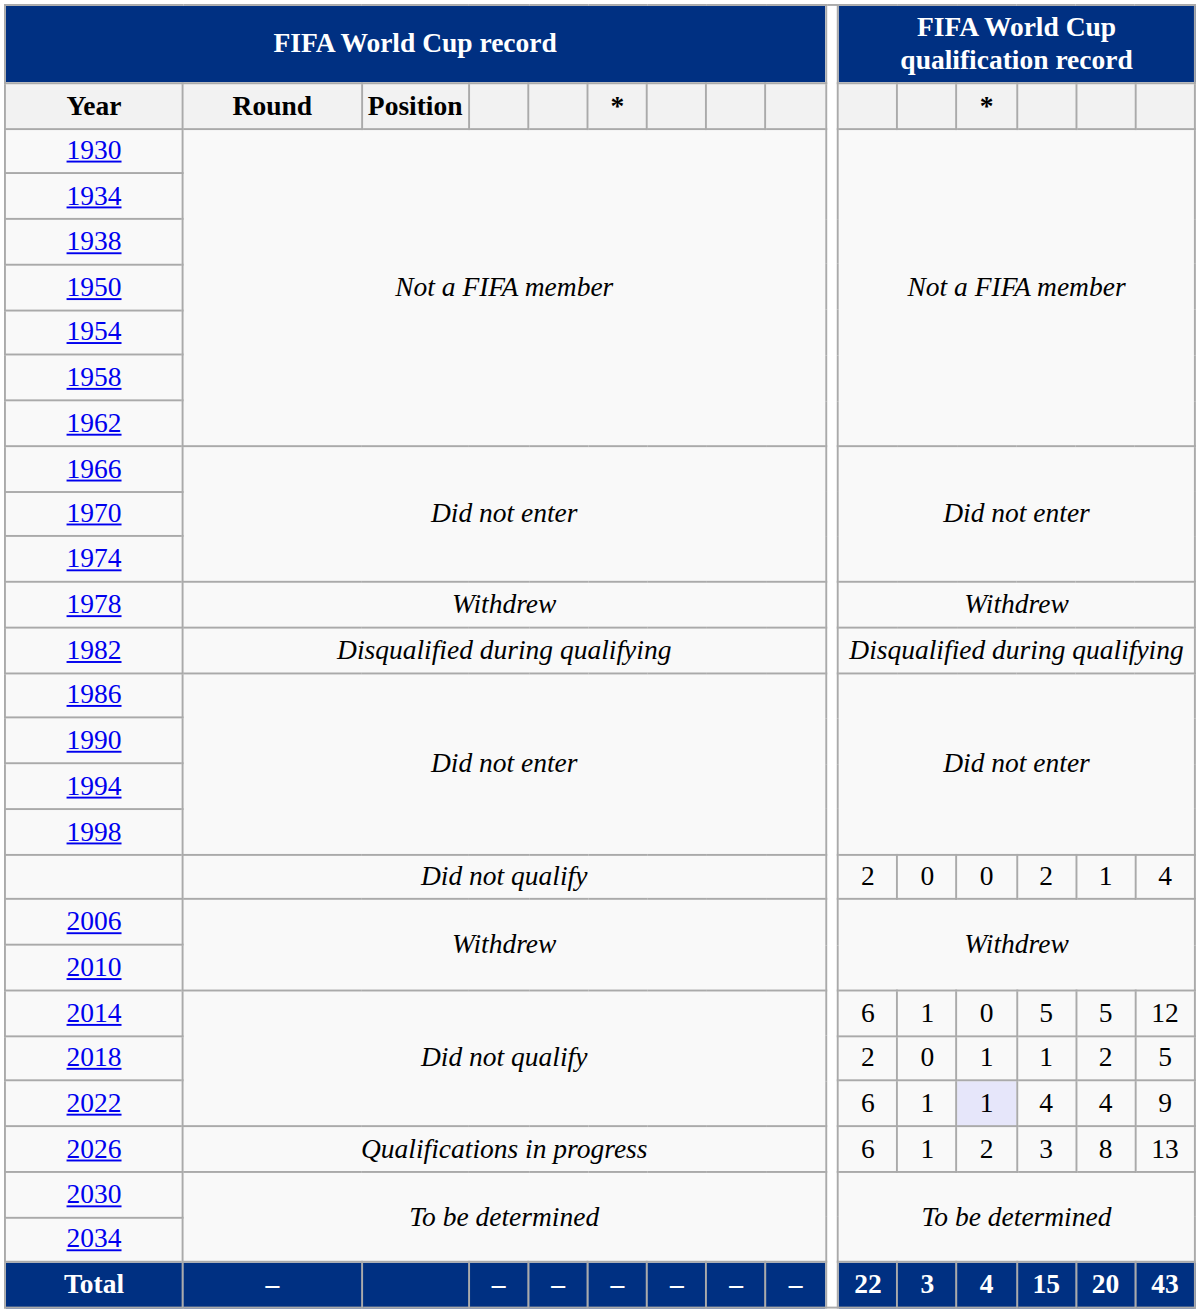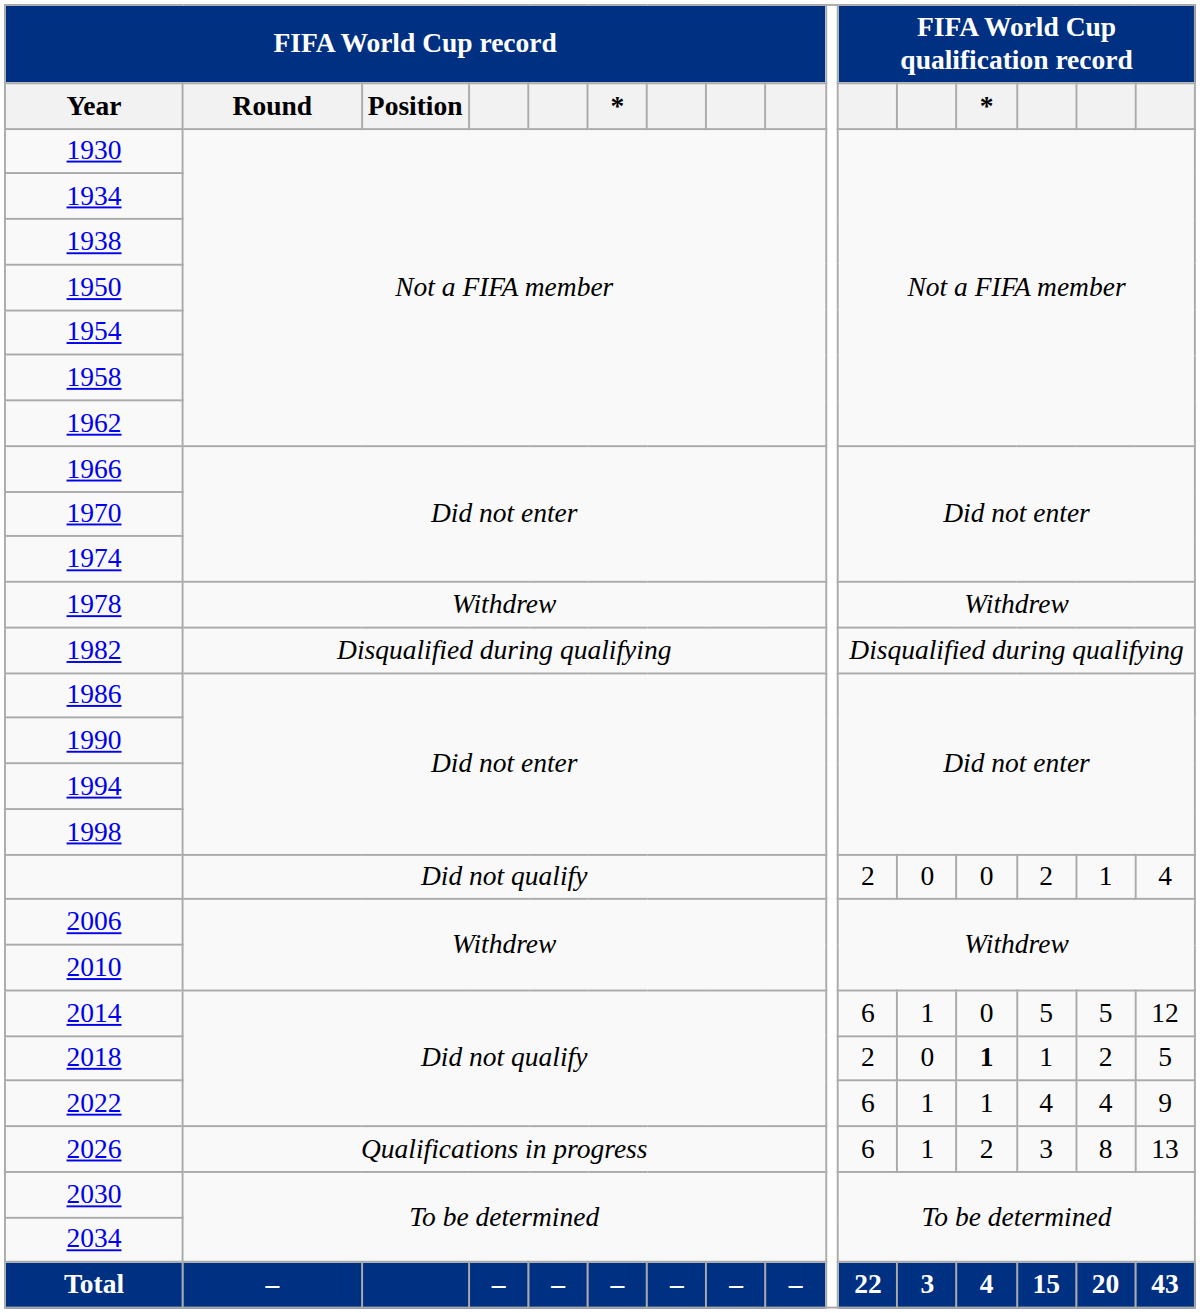 <table class="wikitable" style="font-size:90%; text-align:center;" width="100%">
 <tr>
 <th colspan="9" style="color:white; background:#003082;">FIFA World Cup <strong>record</strong></th>
 <th rowspan="50" style="width:1%;background:white"></th>
 <th colspan="6" style="color:white; background:#003082;">FIFA World Cup qualification <strong>record</strong></th>
 </tr>
 <tr>
 <th width="15%">Year</th>
 <th width="15%">Round</th>
 <th width="5%">Position</th>
 <th width="5%"></th>
 <th width="5%"></th>
 <th width="5%">*</th>
 <th width="5%"></th>
 <th width="5%"></th>
 <th width="5%"></th>
 <th width="5%"></th>
 <th width="5%"></th>
 <th width="5%">*</th>
 <th width="5%"></th>
 <th width="5%"></th>
 <th width="5%"></th>
 </tr>
 <tr>
 <td> <a href='#'>1930</a></td>
 <td colspan="8" rowspan="7"><em>Not a FIFA member</em></td>
 <td colspan="6" rowspan="7"><em>Not a FIFA member</em></td>
 </tr>
 <tr>
 <td> <a href='#'>1934</a></td>
 </tr>
 <tr>
 <td> <a href='#'>1938</a></td>
 </tr>
 <tr>
 <td> <a href='#'>1950</a></td>
 </tr>
 <tr>
 <td> <a href='#'>1954</a></td>
 </tr>
 <tr>
 <td> <a href='#'>1958</a></td>
 </tr>
 <tr>
 <td> <a href='#'>1962</a></td>
 </tr>
 <tr>
 <td> <a href='#'>1966</a></td>
 <td colspan="8" rowspan="3"><em>Did not enter</em></td>
 <td colspan="6" rowspan="3"><em>Did not enter</em></td>
 </tr>
 <tr>
 <td> <a href='#'>1970</a></td>
 </tr>
 <tr>
 <td> <a href='#'>1974</a></td>
 </tr>
 <tr>
 <td> <a href='#'>1978</a></td>
 <td colspan=8><em>Withdrew</em></td>
 <td colspan=6><em>Withdrew</em></td>
 </tr>
 <tr>
 <td> <a href='#'>1982</a></td>
 <td colspan=8><em>Disqualified during qualifying</em></td>
 <td colspan=6><em>Disqualified during qualifying</em></td>
 </tr>
 <tr>
 <td> <a href='#'>1986</a></td>
 <td colspan="8" rowspan="4"><em>Did not enter</em></td>
 <td colspan="6" rowspan="4"><em>Did not enter</em></td>
 </tr>
 <tr>
 <td> <a href='#'>1990</a></td>
 </tr>
 <tr>
 <td> <a href='#'>1994</a></td>
 </tr>
 <tr>
 <td> <a href='#'>1998</a></td>
 </tr>
 <tr>
 <td></td>
 <td colspan=8><em>Did not qualify</em></td>
 <td>2</td>
 <td>0</td>
 <td>0</td>
 <td>2</td>
 <td>1</td>
 <td>4</td>
 </tr>
 <tr>
 <td> <a href='#'>2006</a></td>
 <td colspan=8 rowspan=2><em>Withdrew</em></td>
 <td colspan=6 rowspan=2><em>Withdrew</em></td>
 </tr>
 <tr>
 <td> <a href='#'>2010</a></td>
 </tr>
 <tr>
 <td> <a href='#'>2014</a></td>
 <td colspan=8 rowspan=3><em>Did not qualify</em></td>
 <td>6</td>
 <td>1</td>
 <td>0</td>
 <td>5</td>
 <td>5</td>
 <td>12</td>
 </tr>
 <tr>
 <td> <a href='#'>2018</a></td>
 <td>2</td>
 <td>0</td>
-<td>1</td>
+<td><strong>1</strong></td>
 <td>1</td>
 <td>2</td>
 <td>5</td>
 </tr>
 <tr>
 <td> <a href='#'>2022</a></td>
 <td>6</td>
 <td>1</td>
-<td style="background: lavender;">1</td>
+<td>1</td>
 <td>4</td>
 <td>4</td>
 <td>9</td>
 </tr>
 <tr>
 <td>   <a href='#'>2026</a></td>
 <td colspan="8"><em>Qualifications in progress</em></td>
 <td>6</td>
 <td>1</td>
 <td>2</td>
 <td>3</td>
 <td>8</td>
 <td>13</td>
 </tr>
 <tr>
 <td>   <a href='#'>2030</a></td>
 <td colspan="8" rowspan="2"><em>To be determined</em></td>
 <td colspan="6" rowspan="2"><em>To be determined</em></td>
 </tr>
 <tr>
 <td> <a href='#'>2034</a></td>
 </tr>
 <tr>
 <th style="color:white; background:#003082;">Total</th>
 <th style="color:white; background:#003082;">–</th>
 <th style="color:white; background:#003082;"></th>
 <th style="color:white; background:#003082;">–</th>
 <th style="color:white; background:#003082;">–</th>
 <th style="color:white; background:#003082;">–</th>
 <th style="color:white; background:#003082;">–</th>
 <th style="color:white; background:#003082;">–</th>
 <th style="color:white; background:#003082;">–</th>
 <th style="color:white; background:#003082;">22</th>
 <th style="color:white; background:#003082;">3</th>
 <th style="color:white; background:#003082;">4</th>
 <th style="color:white; background:#003082;">15</th>
 <th style="color:white; background:#003082;">20</th>
 <th style="color:white; background:#003082;">43</th>
 </tr>
 </table>
